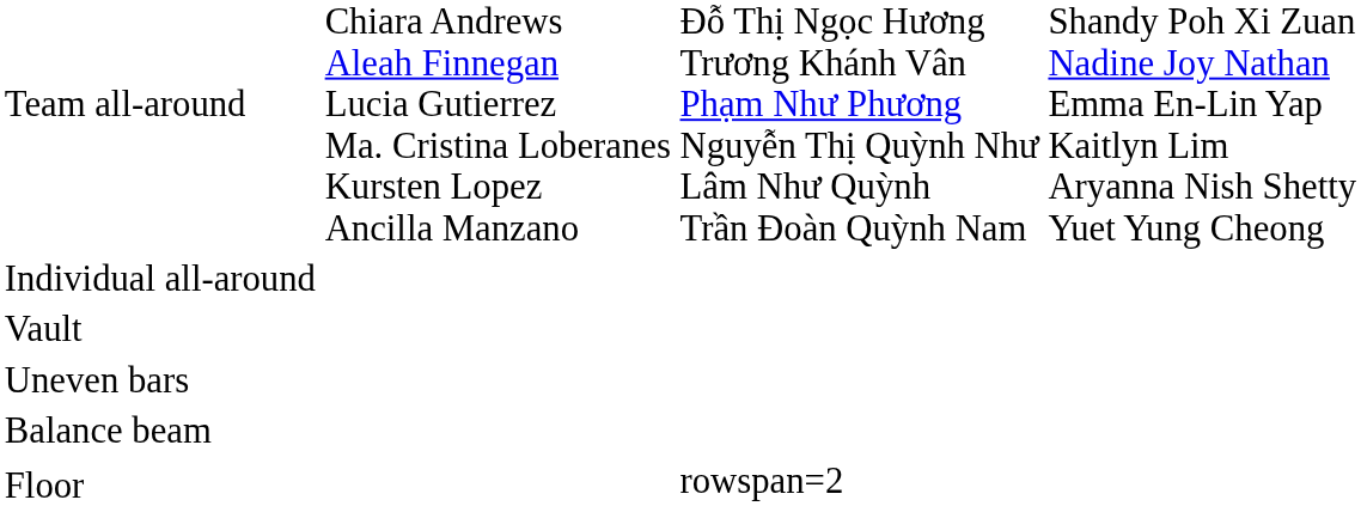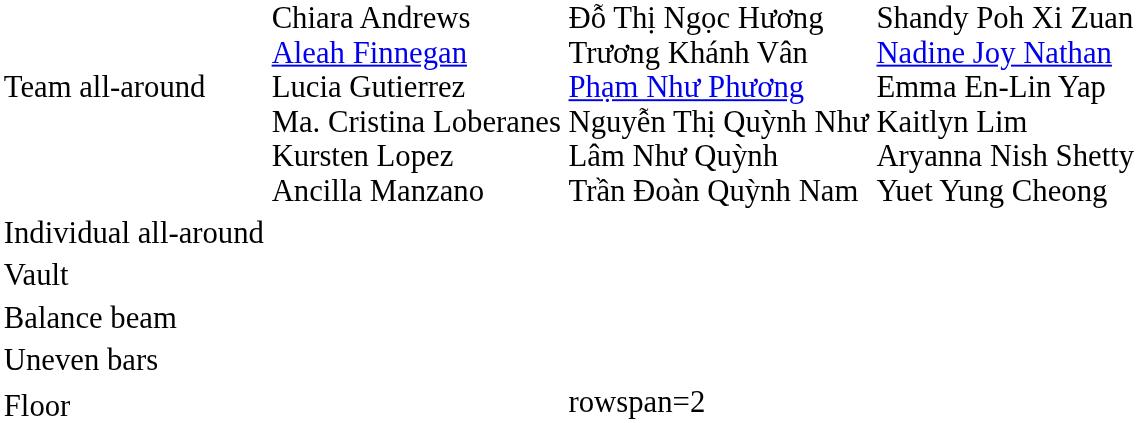 <table>
 <tr>
 <td>Team all-around</td>
 <td><br>Chiara Andrews<br><a href='#'>Aleah Finnegan</a><br>Lucia Gutierrez<br>Ma. Cristina Loberanes<br>Kursten Lopez<br>Ancilla Manzano</td>
 <td nowrap><br>Đỗ Thị Ngọc Hương<br>Trương Khánh Vân<br><a href='#'>Phạm Như Phương</a><br>Nguyễn Thị Quỳnh Như<br>Lâm Như Quỳnh<br>Trần Đoàn Quỳnh Nam</td>
 <td nowrap><br>Shandy Poh Xi Zuan<br><a href='#'>Nadine Joy Nathan</a><br>Emma En-Lin Yap<br>Kaitlyn Lim<br>Aryanna Nish Shetty<br>Yuet Yung Cheong</td>
 </tr>
 <tr>
 <td>Individual all-around</td>
 <td></td>
 <td></td>
 <td></td>
 </tr>
 <tr>
 <td>Vault</td>
 <td></td>
 <td></td>
 <td></td>
 </tr>
 <tr>
-<td>Uneven bars</td>
+<td>Balance beam<br></td>
 <td></td>
 <td></td>
 <td></td>
 </tr>
 <tr>
-<td>Balance beam<br></td>
+<td>Uneven bars</td>
 <td></td>
 <td></td>
 <td></td>
 </tr>
 <tr>
 <td rowspan=2>Floor</td>
 <td></td>
 <td>rowspan=2 </td>
 <td rowspan=2></td>
 </tr>
 <tr>
 <td nowrap></td>
 </tr>
 </table>
